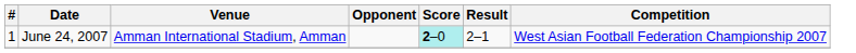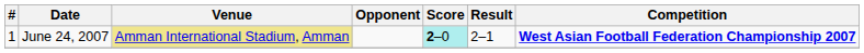 <table class="wikitable">
 <tr>
 <th>#</th>
 <th>Date</th>
 <th>Venue</th>
 <th>Opponent</th>
 <th>Score</th>
 <th>Result</th>
 <th>Competition</th>
 </tr>
 <tr>
 <td>1</td>
 <td>June 24, 2007</td>
-<td><a href='#'>Amman International Stadium</a>, <a href='#'>Amman</a></td>
+<td style="background: khaki;"><a href='#'>Amman International Stadium</a>, <a href='#'>Amman</a></td>
 <td></td>
 <td style="background: paleturquoise;"><strong>2</strong>–0</td>
 <td>2–1</td>
-<td><a href='#'>West Asian Football Federation Championship 2007</a></td>
+<td><strong><a href='#'>West Asian Football Federation Championship 2007</a></strong></td>
 </tr>
 <tr>
 </tr>
 </table>
